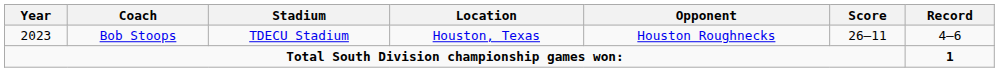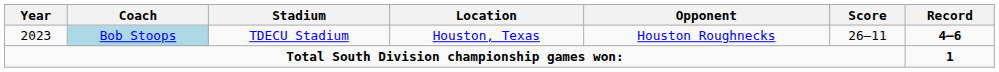 <table class="wikitable" style="width:80%;text-align:center">
 <tr>
 <th>Year</th>
 <th>Coach</th>
 <th>Stadium</th>
 <th>Location</th>
 <th>Opponent</th>
 <th>Score</th>
 <th>Record</th>
 </tr>
 <tr>
 <td>2023</td>
-<td><a href='#'>Bob Stoops</a></td>
+<td style="background: lightblue;"><a href='#'>Bob Stoops</a></td>
 <td><a href='#'>TDECU Stadium</a></td>
 <td><a href='#'>Houston, Texas</a></td>
 <td><a href='#'>Houston Roughnecks</a></td>
 <td>26–11</td>
-<td>4–6</td>
+<td><strong>4–6</strong></td>
 </tr>
 <tr>
 <td colspan="6"><strong>Total South Division championship games won:</strong></td>
 <td><strong>1</strong></td>
 </tr>
 </table>
